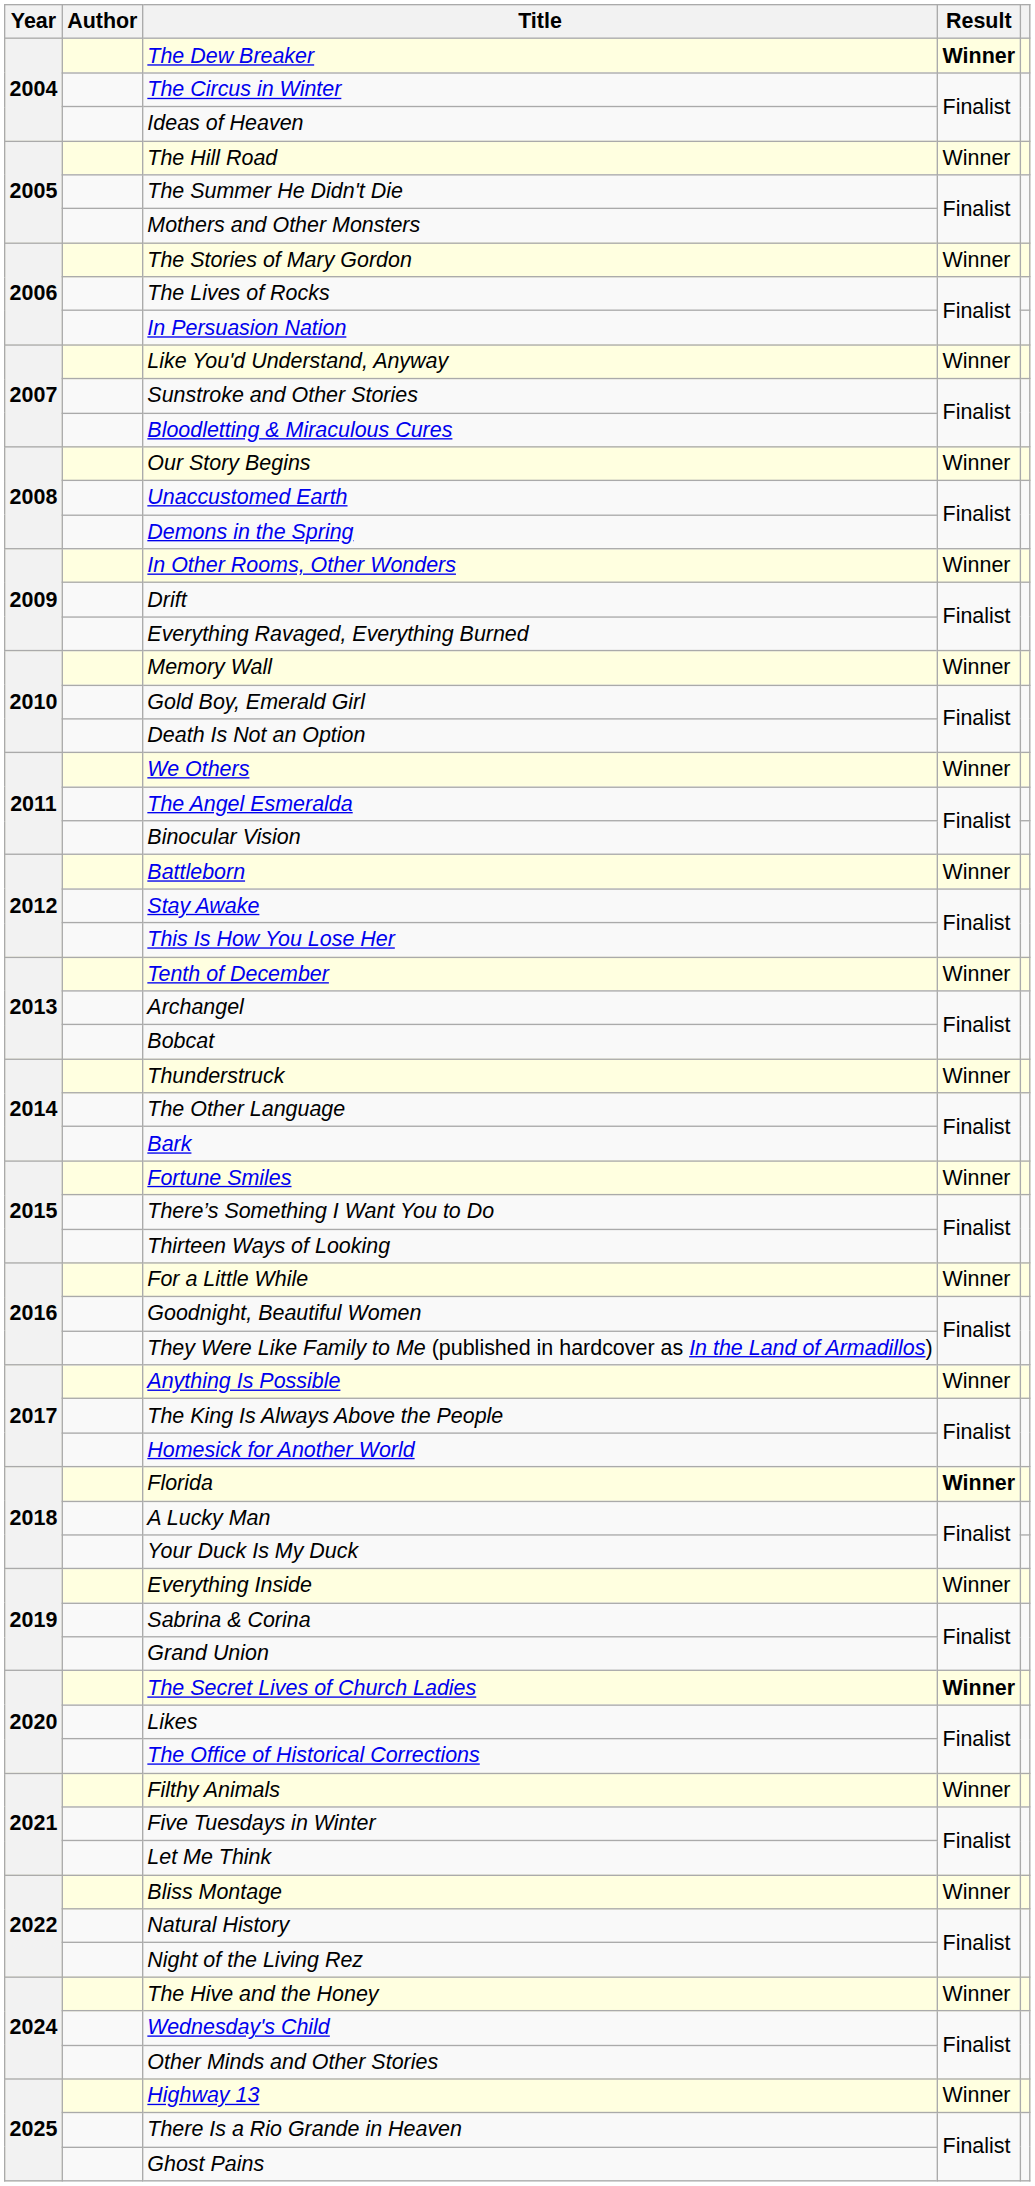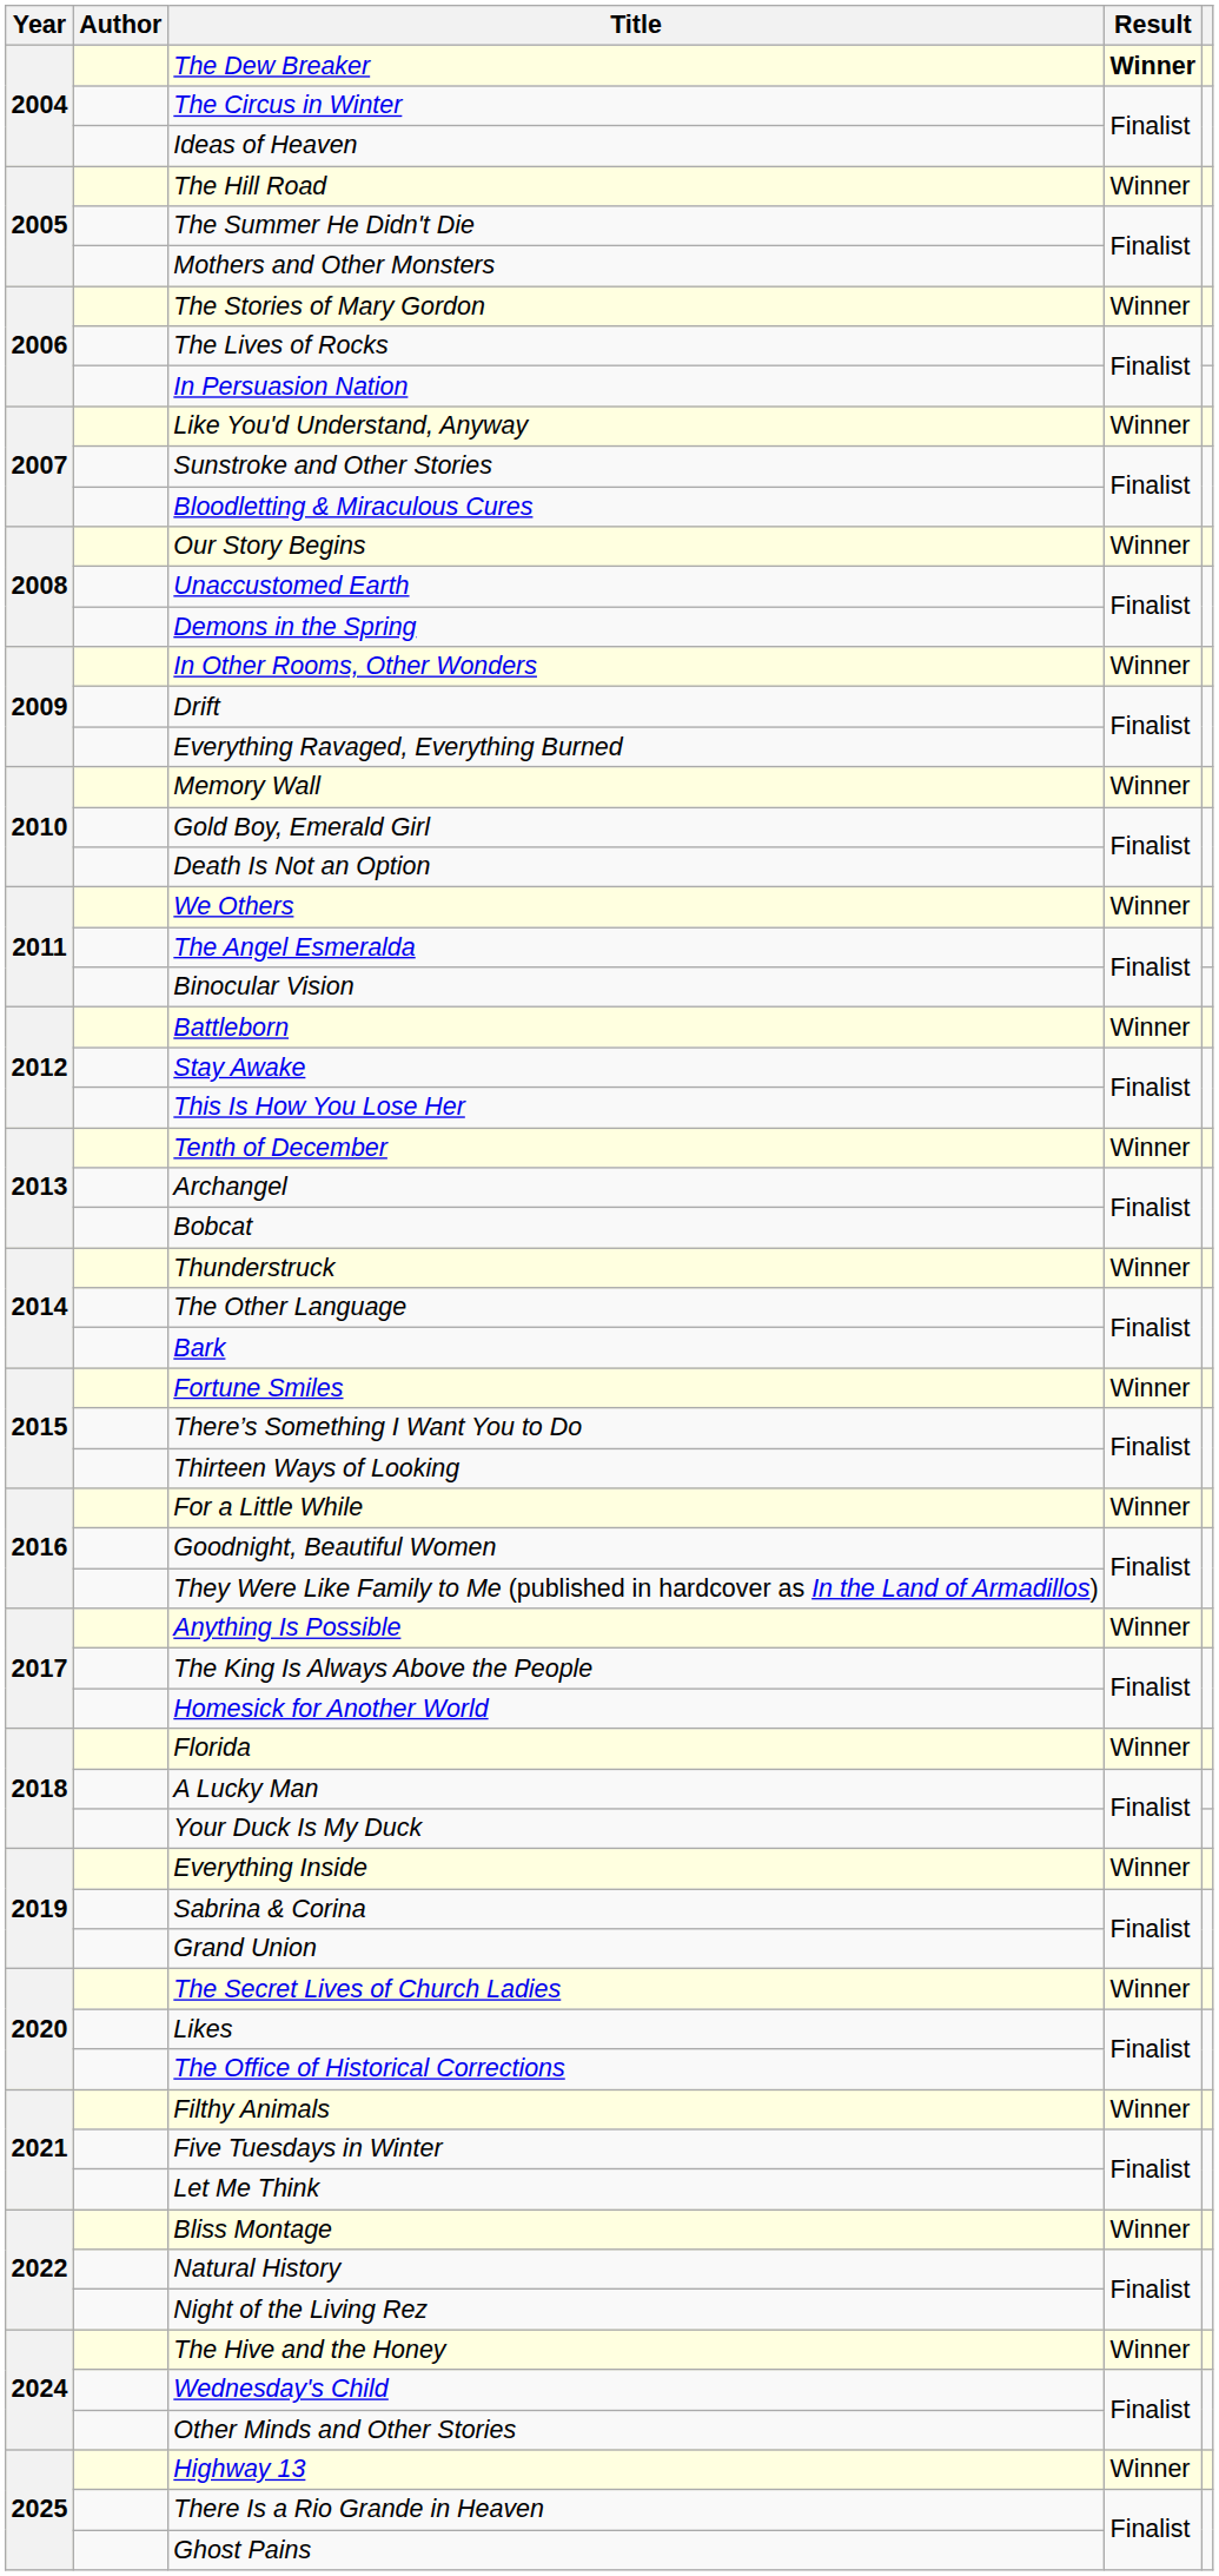 <table class="wikitable sortable mw-collapsible">
 <tr>
 <th>Year</th>
 <th>Author</th>
 <th>Title</th>
 <th>Result</th>
 <th></th>
 </tr>
 <tr style="background:lightyellow;" color:black>
 <th rowspan="3">2004</th>
 <td></td>
 <td><em><a href='#'>The Dew Breaker</a></em></td>
 <td><strong>Winner</strong></td>
 <td></td>
 </tr>
 <tr>
 <td></td>
 <td><em><a href='#'>The Circus in Winter</a></em></td>
 <td rowspan="2">Finalist</td>
 <td rowspan="2"></td>
 </tr>
 <tr>
 <td></td>
 <td><em>Ideas of Heaven</em></td>
 </tr>
 <tr style="background:lightyellow;" color:black>
 <th rowspan="3">2005</th>
 <td></td>
 <td><em>The Hill Road</em></td>
 <td>Winner</td>
 <td></td>
 </tr>
 <tr>
 <td></td>
 <td><em>The Summer He Didn't Die</em></td>
 <td rowspan="2">Finalist</td>
 <td rowspan="2"></td>
 </tr>
 <tr>
 <td></td>
 <td><em>Mothers and Other Monsters</em></td>
 </tr>
 <tr style="background:lightyellow;" color:black>
 <th rowspan="3">2006</th>
 <td></td>
 <td><em>The Stories of Mary Gordon</em></td>
 <td>Winner</td>
 <td></td>
 </tr>
 <tr>
 <td></td>
 <td><em>The Lives of Rocks</em></td>
 <td rowspan="2">Finalist</td>
 <td></td>
 </tr>
 <tr>
 <td></td>
 <td><em><a href='#'>In Persuasion Nation</a></em></td>
 <td></td>
 </tr>
 <tr style="background:lightyellow;" color:black>
 <th rowspan="3">2007</th>
 <td></td>
 <td><em>Like You'd Understand, Anyway</em></td>
 <td>Winner</td>
 <td></td>
 </tr>
 <tr>
 <td></td>
 <td><em>Sunstroke and Other Stories</em></td>
 <td rowspan="2">Finalist</td>
 <td rowspan="2"></td>
 </tr>
 <tr>
 <td></td>
 <td><em><a href='#'>Bloodletting & Miraculous Cures</a></em></td>
 </tr>
 <tr style="background:lightyellow;" color:black>
 <th rowspan="3">2008</th>
 <td></td>
 <td><em>Our Story Begins</em></td>
 <td>Winner</td>
 <td></td>
 </tr>
 <tr>
 <td></td>
 <td><em><a href='#'>Unaccustomed Earth</a></em></td>
 <td rowspan="2">Finalist</td>
 <td rowspan="2"></td>
 </tr>
 <tr>
 <td></td>
 <td><em><a href='#'>Demons in the Spring</a></em></td>
 </tr>
 <tr style="background:lightyellow;" color:black>
 <th rowspan="3">2009</th>
 <td></td>
 <td><em><a href='#'>In Other Rooms, Other Wonders</a></em></td>
 <td>Winner</td>
 <td></td>
 </tr>
 <tr>
 <td></td>
 <td><em>Drift</em></td>
 <td rowspan="2">Finalist</td>
 <td rowspan="2"></td>
 </tr>
 <tr>
 <td></td>
 <td><em>Everything Ravaged, Everything Burned</em></td>
 </tr>
 <tr style="background:lightyellow;" color:black>
 <th rowspan="3">2010</th>
 <td></td>
 <td><em>Memory Wall</em></td>
 <td>Winner</td>
 <td></td>
 </tr>
 <tr>
 <td></td>
 <td><em>Gold Boy, Emerald Girl</em></td>
 <td rowspan="2">Finalist</td>
 <td rowspan="2"></td>
 </tr>
 <tr>
 <td></td>
 <td><em>Death Is Not an Option</em></td>
 </tr>
 <tr style="background:lightyellow;" color:black>
 <th rowspan="3">2011</th>
 <td></td>
 <td><em><a href='#'>We Others</a></em></td>
 <td>Winner</td>
 <td></td>
 </tr>
 <tr>
 <td></td>
 <td><em><a href='#'>The Angel Esmeralda</a></em></td>
 <td rowspan="2">Finalist</td>
 <td></td>
 </tr>
 <tr>
 <td></td>
 <td><em>Binocular Vision</em></td>
 <td></td>
 </tr>
 <tr style="background:lightyellow;" color:black>
 <th rowspan="3">2012</th>
 <td></td>
 <td><em><a href='#'>Battleborn</a></em></td>
 <td>Winner</td>
 <td></td>
 </tr>
 <tr>
 <td></td>
 <td><em><a href='#'>Stay Awake</a></em></td>
 <td rowspan="2">Finalist</td>
 <td rowspan="2"></td>
 </tr>
 <tr>
 <td></td>
 <td><em><a href='#'>This Is How You Lose Her</a></em></td>
 </tr>
 <tr style="background:lightyellow;" color:black>
 <th rowspan="3">2013</th>
 <td></td>
 <td><em><a href='#'>Tenth of December</a></em></td>
 <td>Winner</td>
 <td></td>
 </tr>
 <tr>
 <td></td>
 <td><em>Archangel</em></td>
 <td rowspan="2">Finalist</td>
 <td rowspan="2"></td>
 </tr>
 <tr>
 <td></td>
 <td><em>Bobcat</em></td>
 </tr>
 <tr style="background:lightyellow;" color:black>
 <th rowspan="3">2014</th>
 <td></td>
 <td><em>Thunderstruck</em></td>
 <td>Winner</td>
 <td></td>
 </tr>
 <tr>
 <td></td>
 <td><em>The Other Language</em></td>
 <td rowspan="2">Finalist</td>
 <td rowspan="2"></td>
 </tr>
 <tr>
 <td></td>
 <td><em><a href='#'>Bark</a></em></td>
 </tr>
 <tr style="background:lightyellow;" color:black>
 <th rowspan="3">2015</th>
 <td></td>
 <td><em><a href='#'>Fortune Smiles</a></em></td>
 <td>Winner</td>
 <td></td>
 </tr>
 <tr>
 <td></td>
 <td><em>There’s Something I Want You to Do</em></td>
 <td rowspan="2">Finalist</td>
 <td rowspan="2"></td>
 </tr>
 <tr>
 <td></td>
 <td><em>Thirteen Ways of Looking</em></td>
 </tr>
 <tr style="background:lightyellow;" color:black>
 <th rowspan="3">2016</th>
 <td></td>
 <td><em>For a Little While</em></td>
 <td>Winner</td>
 <td></td>
 </tr>
 <tr>
 <td></td>
 <td><em>Goodnight, Beautiful Women</em></td>
 <td rowspan="2">Finalist</td>
 <td rowspan="2"></td>
 </tr>
 <tr>
 <td></td>
 <td><em>They Were Like Family to Me</em> (published in hardcover as <em><a href='#'>In the Land of Armadillos</a></em>)</td>
 </tr>
 <tr style="background:lightyellow;" color:black>
 <th rowspan="3">2017</th>
 <td></td>
 <td><em><a href='#'>Anything Is Possible</a></em></td>
 <td>Winner</td>
 <td></td>
 </tr>
 <tr>
 <td></td>
 <td><em>The King Is Always Above the People</em></td>
 <td rowspan="2">Finalist</td>
 <td rowspan="2"></td>
 </tr>
 <tr>
 <td></td>
 <td><em><a href='#'>Homesick for Another World</a></em></td>
 </tr>
 <tr style="background:lightyellow;" color:black>
 <th rowspan="3">2018</th>
 <td></td>
 <td><em>Florida</em></td>
-<td><strong>Winner</strong></td>
+<td>Winner</td>
 <td></td>
 </tr>
 <tr>
 <td></td>
 <td><em>A Lucky Man</em></td>
 <td rowspan="2">Finalist</td>
 <td></td>
 </tr>
 <tr>
 <td></td>
 <td><em>Your Duck Is My Duck</em></td>
 <td></td>
 </tr>
 <tr style="background:lightyellow;" color:black>
 <th rowspan="3">2019</th>
 <td></td>
 <td><em>Everything Inside</em></td>
 <td>Winner</td>
 <td></td>
 </tr>
 <tr>
 <td></td>
 <td><em>Sabrina & Corina</em></td>
 <td rowspan="2">Finalist</td>
 <td rowspan="2"></td>
 </tr>
 <tr>
 <td></td>
 <td><em>Grand Union</em></td>
 </tr>
 <tr style="background:lightyellow;" color:black>
 <th rowspan="3">2020</th>
 <td></td>
 <td><em><a href='#'>The Secret Lives of Church Ladies</a></em></td>
-<td><strong>Winner</strong></td>
+<td>Winner</td>
 <td></td>
 </tr>
 <tr>
 <td></td>
 <td><em>Likes</em></td>
 <td rowspan="2">Finalist</td>
 <td rowspan="2"></td>
 </tr>
 <tr>
 <td></td>
 <td><em><a href='#'>The Office of Historical Corrections</a></em></td>
 </tr>
 <tr style="background:lightyellow;" color:black>
 <th rowspan="3">2021</th>
 <td></td>
 <td><em>Filthy Animals</em></td>
 <td>Winner</td>
 <td rowspan="1"></td>
 </tr>
 <tr>
 <td></td>
 <td><em>Five Tuesdays in Winter</em></td>
 <td rowspan="2">Finalist</td>
 <td rowspan="2"></td>
 </tr>
 <tr>
 <td></td>
 <td><em>Let Me Think</em></td>
 </tr>
 <tr style="background:lightyellow;" color:black>
 <th rowspan="3">2022</th>
 <td></td>
 <td><em>Bliss Montage</em></td>
 <td>Winner</td>
 <td rowspan="1"></td>
 </tr>
 <tr>
 <td></td>
 <td><em>Natural History</em></td>
 <td rowspan="2">Finalist</td>
 <td rowspan="2"></td>
 </tr>
 <tr>
 <td></td>
 <td><em>Night of the Living Rez</em></td>
 </tr>
 <tr style="background:lightyellow;" color:black>
 <th rowspan="3">2024</th>
 <td></td>
 <td><em>The Hive and the Honey</em></td>
 <td>Winner</td>
 <td rowspan="1"></td>
 </tr>
 <tr>
 <td></td>
 <td><em><a href='#'>Wednesday's Child</a></em></td>
 <td rowspan="2">Finalist</td>
 <td rowspan="2"></td>
 </tr>
 <tr>
 <td></td>
 <td><em>Other Minds and Other Stories</em></td>
 </tr>
 <tr style="background:lightyellow;" color:black>
 <th rowspan="3">2025</th>
 <td></td>
 <td><em><a href='#'>Highway 13</a></em></td>
 <td>Winner</td>
 <td rowspan="1"></td>
 </tr>
 <tr>
 <td></td>
 <td><em>There Is a Rio Grande in Heaven</em></td>
 <td rowspan="2">Finalist</td>
 <td rowspan="2"></td>
 </tr>
 <tr>
 <td></td>
 <td><em>Ghost Pains</em></td>
 </tr>
 </table>
